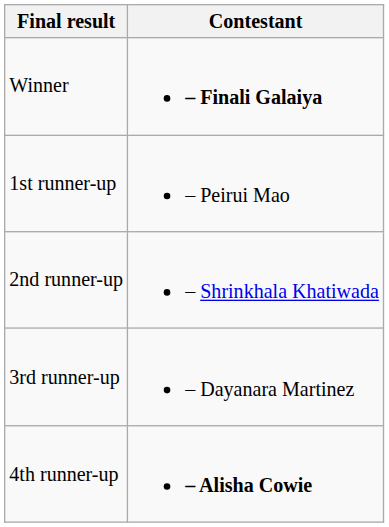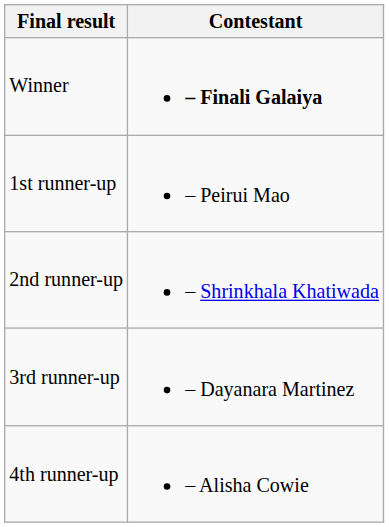 <table class="wikitable sortable" style="font-size:95%;">
 <tr>
 <th>Final result</th>
 <th>Contestant</th>
 </tr>
 <tr>
 <td>Winner</td>
 <td><strong><br><ul><li> – Finali Galaiya</li></ul></strong></td>
 </tr>
 <tr>
 <td>1st runner-up</td>
 <td><br><ul><li> – Peirui Mao</li></ul></td>
 </tr>
 <tr>
 <td>2nd runner-up</td>
 <td><br><ul><li> – <a href='#'>Shrinkhala Khatiwada</a></li></ul></td>
 </tr>
 <tr>
 <td>3rd runner-up</td>
 <td><br><ul><li> – Dayanara Martinez</li></ul></td>
 </tr>
 <tr>
 <td>4th runner-up</td>
-<td><strong><br><ul><li> – Alisha Cowie</li></ul></strong></td>
+<td><br><ul><li> – Alisha Cowie</li></ul></td>
 </tr>
 </table>
